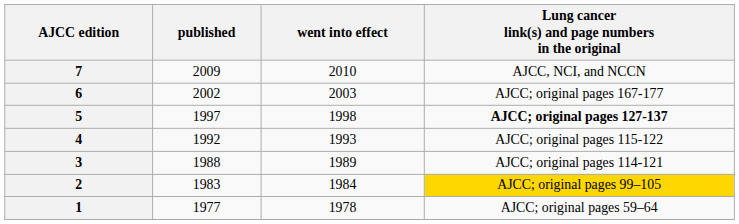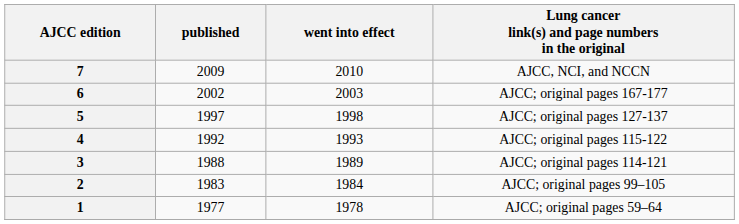 <table class="wikitable floatright" style="text-align:center;font-size:90%;width:48%;margin-left:3em">
 <tr>
 <th>AJCC edition</th>
 <th>published</th>
 <th>went into effect</th>
 <th>Lung cancer <br>link(s) and page numbers <br>in the original</th>
 </tr>
 <tr>
 <th>7</th>
 <td>2009</td>
 <td>2010</td>
 <td>AJCC, NCI, and NCCN</td>
 </tr>
 <tr>
 <th>6</th>
 <td>2002</td>
 <td>2003</td>
 <td>AJCC; original pages 167-177</td>
 </tr>
 <tr>
 <th>5</th>
 <td>1997</td>
 <td>1998</td>
-<td><strong>AJCC; original pages 127-137</strong></td>
+<td>AJCC; original pages 127-137</td>
 </tr>
 <tr>
 <th>4</th>
 <td>1992</td>
 <td>1993</td>
 <td>AJCC; original pages 115-122</td>
 </tr>
 <tr>
 <th>3</th>
 <td>1988</td>
 <td>1989</td>
 <td>AJCC; original pages 114-121</td>
 </tr>
 <tr>
 <th>2</th>
 <td>1983</td>
 <td>1984</td>
-<td style="background: gold;">AJCC; original pages 99–105</td>
+<td>AJCC; original pages 99–105</td>
 </tr>
 <tr>
 <th>1</th>
 <td>1977</td>
 <td>1978</td>
 <td>AJCC; original pages 59–64</td>
 </tr>
 <tr>
 </tr>
 </table>
